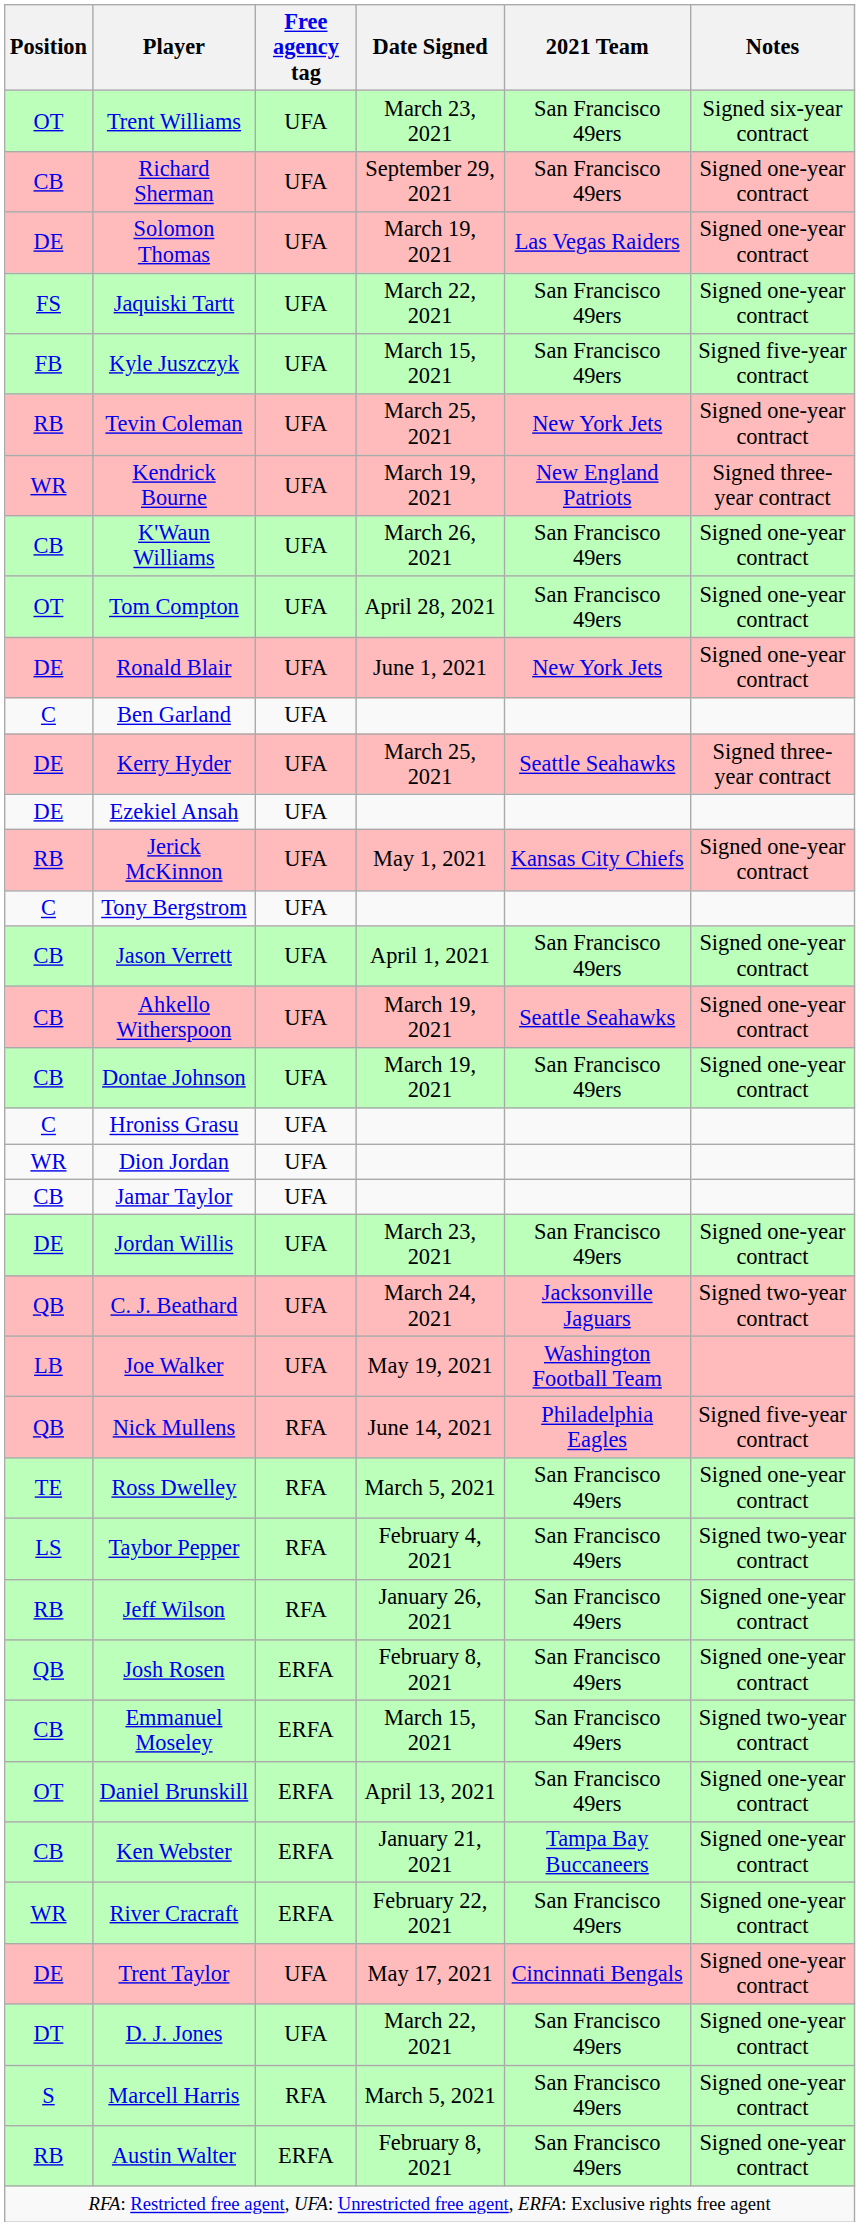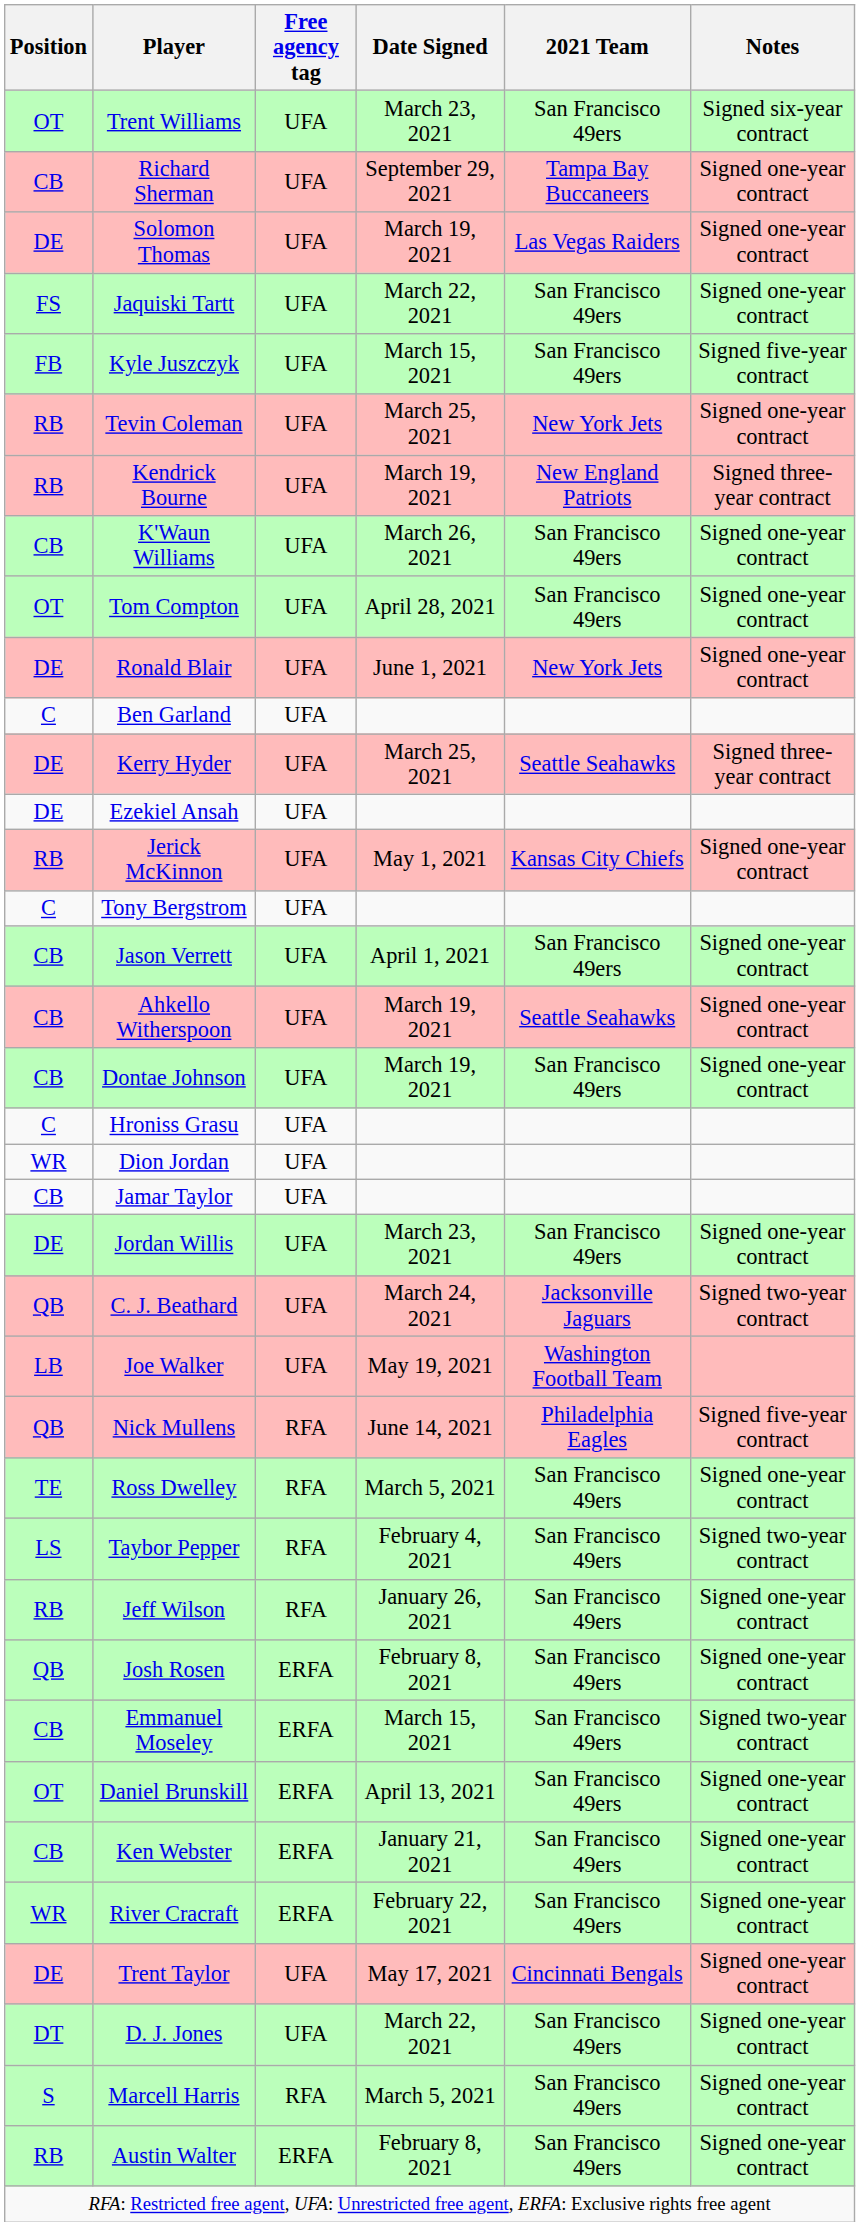 <table class="sortable wikitable" style="text-align:center">
 <tr>
 <th>Position</th>
 <th>Player</th>
 <th><a href='#'><span>Free agency</span></a><br>tag</th>
 <th>Date Signed</th>
 <th>2021 Team</th>
 <th>Notes</th>
 </tr>
 <tr style="background:#bfb">
 <td><a href='#'>OT</a></td>
 <td><a href='#'>Trent Williams</a></td>
 <td>UFA</td>
 <td>March 23, 2021</td>
 <td>San Francisco 49ers</td>
 <td>Signed six-year contract</td>
 </tr>
 <tr style="background:#fbb">
 <td><a href='#'>CB</a></td>
 <td><a href='#'>Richard Sherman</a></td>
 <td>UFA</td>
 <td>September 29, 2021</td>
-<td>San Francisco 49ers</td>
+<td><a href='#'>Tampa Bay Buccaneers</a></td>
 <td>Signed one-year contract</td>
 </tr>
 <tr style="background:#fbb">
 <td><a href='#'>DE</a></td>
 <td><a href='#'>Solomon Thomas</a></td>
 <td>UFA</td>
 <td>March 19, 2021</td>
 <td><a href='#'>Las Vegas Raiders</a></td>
 <td>Signed one-year contract</td>
 </tr>
 <tr style="background:#bfb">
 <td><a href='#'>FS</a></td>
 <td><a href='#'>Jaquiski Tartt</a></td>
 <td>UFA</td>
 <td>March 22, 2021</td>
 <td>San Francisco 49ers</td>
 <td>Signed one-year contract</td>
 </tr>
 <tr style="background:#bfb">
 <td><a href='#'>FB</a></td>
 <td><a href='#'>Kyle Juszczyk</a></td>
 <td>UFA</td>
 <td>March 15, 2021</td>
 <td>San Francisco 49ers</td>
 <td>Signed five-year contract</td>
 </tr>
 <tr style="background:#fbb">
 <td><a href='#'>RB</a></td>
 <td><a href='#'>Tevin Coleman</a></td>
 <td>UFA</td>
 <td>March 25, 2021</td>
 <td><a href='#'>New York Jets</a></td>
 <td>Signed one-year contract</td>
 </tr>
 <tr style="background:#fbb">
-<td><a href='#'>WR</a></td>
+<td><a href='#'>RB</a></td>
 <td><a href='#'>Kendrick Bourne</a></td>
 <td>UFA</td>
 <td>March 19, 2021</td>
 <td><a href='#'>New England Patriots</a></td>
 <td>Signed three-year contract</td>
 </tr>
 <tr style="background:#bfb">
 <td><a href='#'>CB</a></td>
 <td><a href='#'>K'Waun Williams</a></td>
 <td>UFA</td>
 <td>March 26, 2021</td>
 <td>San Francisco 49ers</td>
 <td>Signed one-year contract</td>
 </tr>
 <tr style="background:#bfb">
 <td><a href='#'>OT</a></td>
 <td><a href='#'>Tom Compton</a></td>
 <td>UFA</td>
 <td>April 28, 2021</td>
 <td>San Francisco 49ers</td>
 <td>Signed one-year contract</td>
 </tr>
 <tr style="background:#fbb">
 <td><a href='#'>DE</a></td>
 <td><a href='#'>Ronald Blair</a></td>
 <td>UFA</td>
 <td>June 1, 2021</td>
 <td><a href='#'>New York Jets</a></td>
 <td>Signed one-year contract</td>
 </tr>
 <tr>
 <td><a href='#'>C</a></td>
 <td><a href='#'>Ben Garland</a></td>
 <td>UFA</td>
 <td></td>
 <td></td>
 <td></td>
 </tr>
 <tr style="background:#fbb">
 <td><a href='#'>DE</a></td>
 <td><a href='#'>Kerry Hyder</a></td>
 <td>UFA</td>
 <td>March 25, 2021</td>
 <td><a href='#'>Seattle Seahawks</a></td>
 <td>Signed three-year contract</td>
 </tr>
 <tr>
 <td><a href='#'>DE</a></td>
 <td><a href='#'>Ezekiel Ansah</a></td>
 <td>UFA</td>
 <td></td>
 <td></td>
 <td></td>
 </tr>
 <tr style="background:#fbb">
 <td><a href='#'>RB</a></td>
 <td><a href='#'>Jerick McKinnon</a></td>
 <td>UFA</td>
 <td>May 1, 2021</td>
 <td><a href='#'>Kansas City Chiefs</a></td>
 <td>Signed one-year contract</td>
 </tr>
 <tr>
 <td><a href='#'>C</a></td>
 <td><a href='#'>Tony Bergstrom</a></td>
 <td>UFA</td>
 <td></td>
 <td></td>
 <td></td>
 </tr>
 <tr style="background:#bfb">
 <td><a href='#'>CB</a></td>
 <td><a href='#'>Jason Verrett</a></td>
 <td>UFA</td>
 <td>April 1, 2021</td>
 <td>San Francisco 49ers</td>
 <td>Signed one-year contract</td>
 </tr>
 <tr style="background:#fbb">
 <td><a href='#'>CB</a></td>
 <td><a href='#'>Ahkello Witherspoon</a></td>
 <td>UFA</td>
 <td>March 19, 2021</td>
 <td><a href='#'>Seattle Seahawks</a></td>
 <td>Signed one-year contract</td>
 </tr>
 <tr style="background:#bfb">
 <td><a href='#'>CB</a></td>
 <td><a href='#'>Dontae Johnson</a></td>
 <td>UFA</td>
 <td>March 19, 2021</td>
 <td>San Francisco 49ers</td>
 <td>Signed one-year contract</td>
 </tr>
 <tr>
 <td><a href='#'>C</a></td>
 <td><a href='#'>Hroniss Grasu</a></td>
 <td>UFA</td>
 <td></td>
 <td></td>
 <td></td>
 </tr>
 <tr>
 <td><a href='#'>WR</a></td>
 <td><a href='#'>Dion Jordan</a></td>
 <td>UFA</td>
 <td></td>
 <td></td>
 <td></td>
 </tr>
 <tr>
 <td><a href='#'>CB</a></td>
 <td><a href='#'>Jamar Taylor</a></td>
 <td>UFA</td>
 <td></td>
 <td></td>
 <td></td>
 </tr>
 <tr style="background:#bfb">
 <td><a href='#'>DE</a></td>
 <td><a href='#'>Jordan Willis</a></td>
 <td>UFA</td>
 <td>March 23, 2021</td>
 <td>San Francisco 49ers</td>
 <td>Signed one-year contract</td>
 </tr>
 <tr style="background:#fbb">
 <td><a href='#'>QB</a></td>
 <td><a href='#'>C. J. Beathard</a></td>
 <td>UFA</td>
 <td>March 24, 2021</td>
 <td><a href='#'>Jacksonville Jaguars</a></td>
 <td>Signed two-year contract</td>
 </tr>
 <tr style="background:#fbb">
 <td><a href='#'>LB</a></td>
 <td><a href='#'>Joe Walker</a></td>
 <td>UFA</td>
 <td>May 19, 2021</td>
 <td><a href='#'>Washington Football Team</a></td>
 <td></td>
 </tr>
 <tr style="background:#fbb">
 <td><a href='#'>QB</a></td>
 <td><a href='#'>Nick Mullens</a></td>
 <td>RFA</td>
 <td>June 14, 2021</td>
 <td><a href='#'>Philadelphia Eagles</a></td>
 <td>Signed five-year contract</td>
 </tr>
 <tr style="background:#bfb">
 <td><a href='#'>TE</a></td>
 <td><a href='#'>Ross Dwelley</a></td>
 <td>RFA</td>
 <td>March 5, 2021</td>
 <td>San Francisco 49ers</td>
 <td>Signed one-year contract</td>
 </tr>
 <tr style="background:#bfb">
 <td><a href='#'>LS</a></td>
 <td><a href='#'>Taybor Pepper</a></td>
 <td>RFA</td>
 <td>February 4, 2021</td>
 <td>San Francisco 49ers</td>
 <td>Signed two-year contract</td>
 </tr>
 <tr style="background:#bfb">
 <td><a href='#'>RB</a></td>
 <td><a href='#'>Jeff Wilson</a></td>
 <td>RFA</td>
 <td>January 26, 2021</td>
 <td>San Francisco 49ers</td>
 <td>Signed one-year contract</td>
 </tr>
 <tr style="background:#bfb">
 <td><a href='#'>QB</a></td>
 <td><a href='#'>Josh Rosen</a></td>
 <td>ERFA</td>
 <td>February 8, 2021</td>
 <td>San Francisco 49ers</td>
 <td>Signed one-year contract</td>
 </tr>
 <tr style="background:#bfb">
 <td><a href='#'>CB</a></td>
 <td><a href='#'>Emmanuel Moseley</a></td>
 <td>ERFA</td>
 <td>March 15, 2021</td>
 <td>San Francisco 49ers</td>
 <td>Signed two-year contract</td>
 </tr>
 <tr style="background:#bfb">
 <td><a href='#'>OT</a></td>
 <td><a href='#'>Daniel Brunskill</a></td>
 <td>ERFA</td>
 <td>April 13, 2021</td>
 <td>San Francisco 49ers</td>
 <td>Signed one-year contract</td>
 </tr>
 <tr style="background:#bfb">
 <td><a href='#'>CB</a></td>
 <td><a href='#'>Ken Webster</a></td>
 <td>ERFA</td>
 <td>January 21, 2021</td>
-<td><a href='#'>Tampa Bay Buccaneers</a></td>
+<td>San Francisco 49ers</td>
 <td>Signed one-year contract</td>
 </tr>
 <tr style="background:#bfb">
 <td><a href='#'>WR</a></td>
 <td><a href='#'>River Cracraft</a></td>
 <td>ERFA</td>
 <td>February 22, 2021</td>
 <td>San Francisco 49ers</td>
 <td>Signed one-year contract</td>
 </tr>
 <tr style="background:#fbb">
 <td><a href='#'>DE</a></td>
 <td><a href='#'>Trent Taylor</a></td>
 <td>UFA</td>
 <td>May 17, 2021</td>
 <td><a href='#'>Cincinnati Bengals</a></td>
 <td>Signed one-year contract</td>
 </tr>
 <tr style="background:#bfb">
 <td><a href='#'>DT</a></td>
 <td><a href='#'>D. J. Jones</a></td>
 <td>UFA</td>
 <td>March 22, 2021</td>
 <td>San Francisco 49ers</td>
 <td>Signed one-year contract</td>
 </tr>
 <tr style="background:#bfb">
 <td><a href='#'>S</a></td>
 <td><a href='#'>Marcell Harris</a></td>
 <td>RFA</td>
 <td>March 5, 2021</td>
 <td>San Francisco 49ers</td>
 <td>Signed one-year contract</td>
 </tr>
 <tr style="background:#bfb">
 <td><a href='#'>RB</a></td>
 <td><a href='#'>Austin Walter</a></td>
 <td>ERFA</td>
 <td>February 8, 2021</td>
 <td>San Francisco 49ers</td>
 <td>Signed one-year contract</td>
 </tr>
 <tr>
 <td colspan="6"><small><em>RFA</em>: <a href='#'>Restricted free agent</a>, <em>UFA</em>: <a href='#'>Unrestricted free agent</a>, <em>ERFA</em>: Exclusive rights free agent</small><br></td>
 </tr>
 </table>
